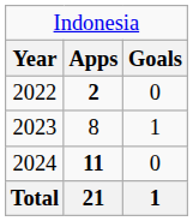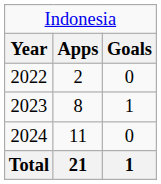 <table class=wikitable style=text-align:center>
 <tr>
 <td colspan=3><a href='#'>Indonesia</a></td>
 </tr>
 <tr>
 <th>Year</th>
 <th>Apps</th>
 <th>Goals</th>
 </tr>
 <tr>
 <td>2022</td>
-<td><strong>2</strong></td>
+<td>2</td>
 <td>0</td>
 </tr>
 <tr>
 <td>2023</td>
 <td>8</td>
 <td>1</td>
 </tr>
 <tr>
 <td>2024</td>
-<td><strong>11</strong></td>
+<td>11</td>
 <td>0</td>
 </tr>
 <tr>
 <th colspan=1>Total</th>
 <th>21</th>
 <th>1</th>
 </tr>
 </table>
